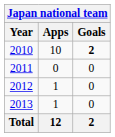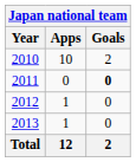 <table class="wikitable" style="text-align:center">
 <tr>
 <th colspan=3><a href='#'>Japan national team</a></th>
 </tr>
 <tr>
 <th>Year</th>
 <th>Apps</th>
 <th>Goals</th>
 </tr>
 <tr>
 <td><a href='#'>2010</a></td>
 <td>10</td>
-<td><strong>2</strong></td>
+<td>2</td>
 </tr>
 <tr>
 <td><a href='#'>2011</a></td>
 <td>0</td>
-<td>0</td>
+<td><strong>0</strong></td>
 </tr>
 <tr>
 <td><a href='#'>2012</a></td>
 <td>1</td>
 <td>0</td>
 </tr>
 <tr>
 <td><a href='#'>2013</a></td>
 <td>1</td>
 <td>0</td>
 </tr>
 <tr>
 <th>Total</th>
 <th>12</th>
 <th>2</th>
 </tr>
 </table>
